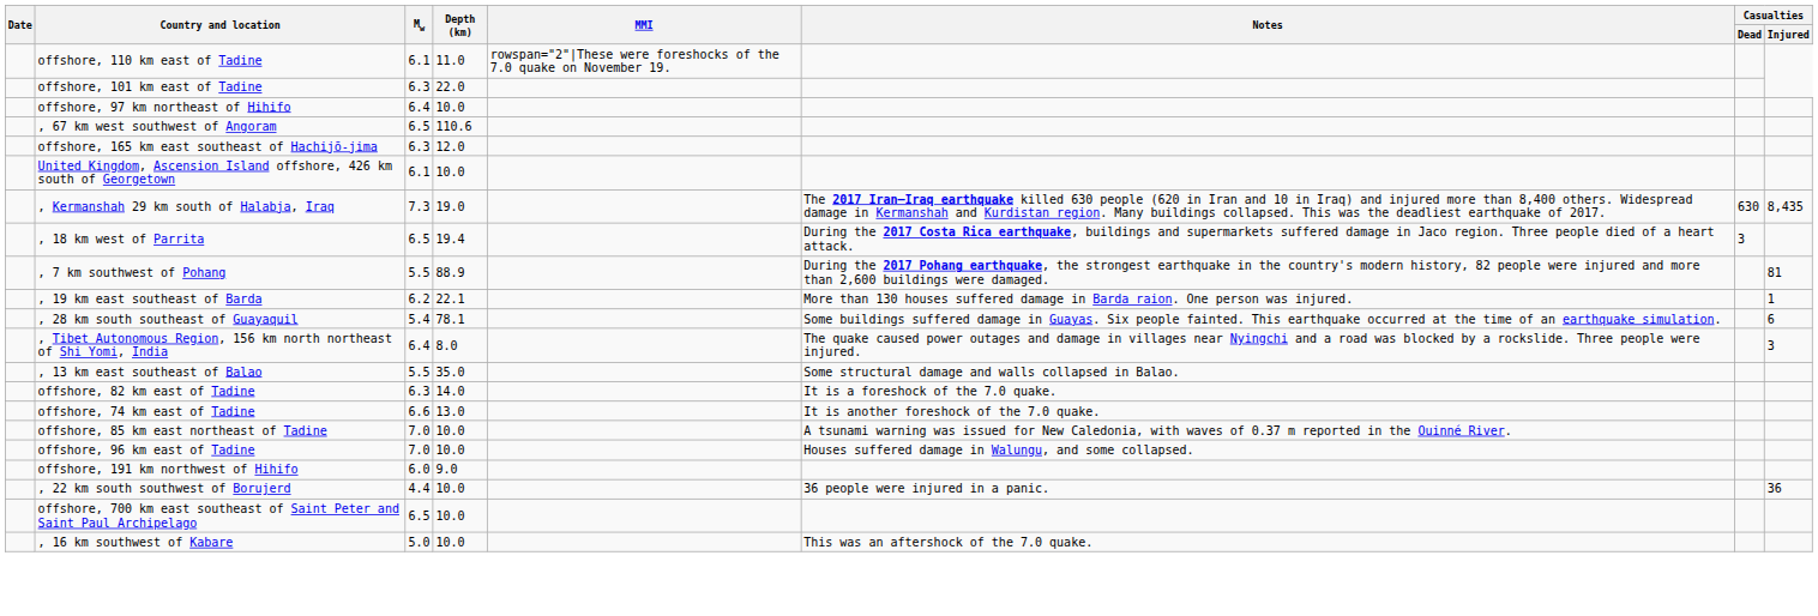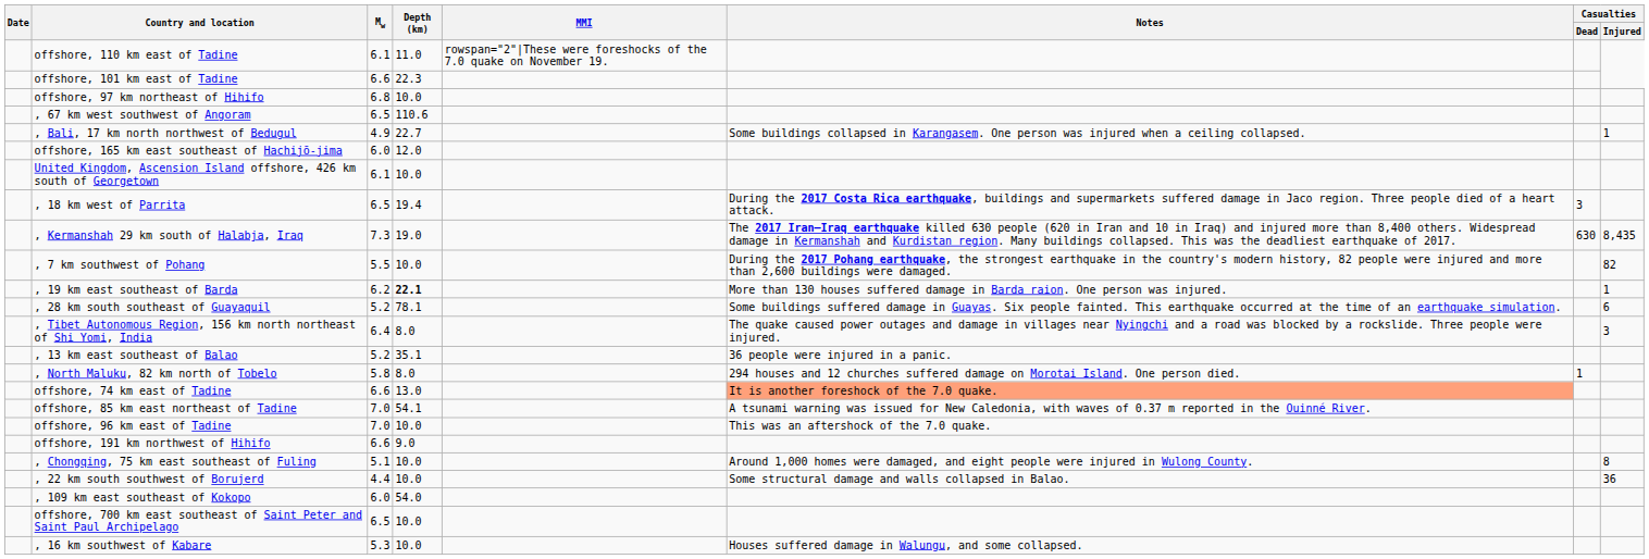 <table class="wikitable sortable sort-under" style="border:1px black; margin-left:1em;">
 <tr>
 <th rowspan="2"><small>Date</small></th>
 <th rowspan="2" style="width: 395px"><small>Country and location</small></th>
 <th rowspan="2"><small>M<sub>w</sub></small></th>
 <th rowspan="2"><small>Depth (km)</small></th>
 <th rowspan="2"><small><a href='#'>MMI</a></small></th>
 <th rowspan="2" class="unsortable"><small>Notes</small></th>
 <th colspan="2"><small>Casualties</small></th>
 </tr>
 <tr>
 <th><small>Dead</small></th>
 <th><small>Injured</small></th>
 </tr>
 <tr>
 <td></td>
 <td> offshore, 110 km east of <a href='#'>Tadine</a></td>
 <td>6.1</td>
 <td>11.0</td>
 <td>rowspan="2"|These were foreshocks of the 7.0 quake on November 19.</td>
 <td></td>
 <td></td>
 </tr>
 <tr>
 <td></td>
 <td> offshore, 101 km east of <a href='#'>Tadine</a></td>
-<td>6.3</td>
-<td>22.0</td>
+<td>6.6</td>
+<td>22.3</td>
 <td></td>
 <td></td>
 <td></td>
 </tr>
 <tr>
 <td></td>
 <td> offshore, 97 km northeast of <a href='#'>Hihifo</a></td>
-<td>6.4</td>
+<td>6.8</td>
 <td>10.0</td>
 <td></td>
 <td></td>
 <td></td>
 <td></td>
 </tr>
 <tr>
 <td></td>
 <td>, 67 km west southwest of <a href='#'>Angoram</a></td>
 <td>6.5</td>
 <td>110.6</td>
 <td></td>
 <td></td>
 <td></td>
 <td></td>
 </tr>
 <tr>
 <td></td>
+<td>, <a href='#'>Bali</a>, 17 km north northwest of <a href='#'>Bedugul</a></td>
+<td>4.9</td>
+<td>22.7</td>
+<td></td>
+<td>Some buildings collapsed in <a href='#'>Karangasem</a>. One person was injured when a ceiling collapsed.</td>
+<td></td>
+<td>1</td>
+</tr>
+<tr>
+<td></td>
 <td> offshore, 165 km east southeast of <a href='#'>Hachijō-jima</a></td>
-<td>6.3</td>
+<td>6.0</td>
 <td>12.0</td>
 <td></td>
 <td></td>
 <td></td>
 <td></td>
 </tr>
 <tr>
 <td></td>
 <td> <a href='#'>United Kingdom</a>, <a href='#'>Ascension Island</a> offshore, 426 km south of <a href='#'>Georgetown</a></td>
 <td>6.1</td>
 <td>10.0</td>
 <td></td>
 <td></td>
 <td></td>
 <td></td>
 </tr>
 <tr>
 <td></td>
+<td>, 18 km west of <a href='#'>Parrita</a></td>
+<td>6.5</td>
+<td>19.4</td>
+<td></td>
+<td>During the <strong><a href='#'>2017 Costa Rica earthquake</a></strong>, buildings and supermarkets suffered damage in Jaco region. Three people died of a heart attack.</td>
+<td>3</td>
+<td></td>
+</tr>
+<tr>
+<td></td>
 <td>, <a href='#'>Kermanshah</a> 29 km south of <a href='#'>Halabja</a>, <a href='#'>Iraq</a></td>
 <td>7.3</td>
 <td>19.0</td>
 <td></td>
 <td>The <strong><a href='#'>2017 Iran–Iraq earthquake</a></strong> killed 630 people (620 in Iran and 10 in Iraq) and injured more than 8,400 others. Widespread damage in <a href='#'>Kermanshah</a> and <a href='#'>Kurdistan region</a>. Many buildings collapsed. This was the deadliest earthquake of 2017.</td>
 <td>630</td>
 <td>8,435</td>
 </tr>
 <tr>
 <td></td>
-<td>, 18 km west of <a href='#'>Parrita</a></td>
-<td>6.5</td>
-<td>19.4</td>
-<td></td>
-<td>During the <strong><a href='#'>2017 Costa Rica earthquake</a></strong>, buildings and supermarkets suffered damage in Jaco region. Three people died of a heart attack.</td>
-<td>3</td>
-<td></td>
-</tr>
-<tr>
-<td></td>
 <td>, 7 km southwest of <a href='#'>Pohang</a></td>
 <td>5.5</td>
-<td>88.9</td>
+<td>10.0</td>
 <td></td>
 <td>During the <strong><a href='#'>2017 Pohang earthquake</a></strong>, the strongest earthquake in the country's modern history, 82 people were injured and more than 2,600 buildings were damaged.</td>
 <td></td>
-<td>81</td>
+<td>82</td>
 </tr>
 <tr>
 <td></td>
 <td>, 19 km east southeast of <a href='#'>Barda</a></td>
 <td>6.2</td>
-<td>22.1</td>
+<td><strong>22.1</strong></td>
 <td></td>
 <td>More than 130 houses suffered damage in <a href='#'>Barda raion</a>. One person was injured.</td>
 <td></td>
 <td>1</td>
 </tr>
 <tr>
 <td></td>
 <td>, 28 km south southeast of <a href='#'>Guayaquil</a></td>
-<td>5.4</td>
+<td>5.2</td>
 <td>78.1</td>
 <td></td>
 <td>Some buildings suffered damage in <a href='#'>Guayas</a>. Six people fainted. This earthquake occurred at the time of an <a href='#'>earthquake simulation</a>.</td>
 <td></td>
 <td>6</td>
 </tr>
 <tr>
 <td></td>
 <td>, <a href='#'>Tibet Autonomous Region</a>, 156 km north northeast of <a href='#'>Shi Yomi</a>, <a href='#'>India</a></td>
 <td>6.4</td>
 <td>8.0</td>
 <td></td>
 <td>The quake caused power outages and damage in villages near <a href='#'>Nyingchi</a> and a road was blocked by a rockslide. Three people were injured.</td>
 <td></td>
 <td>3</td>
 </tr>
 <tr>
 <td></td>
 <td>, 13 km east southeast of <a href='#'>Balao</a></td>
-<td>5.5</td>
-<td>35.0</td>
+<td>5.2</td>
+<td>35.1</td>
 <td></td>
-<td>Some structural damage and walls collapsed in Balao.</td>
+<td>36 people were injured in a panic.</td>
 <td></td>
 <td></td>
 </tr>
 <tr>
 <td></td>
-<td> offshore, 82 km east of <a href='#'>Tadine</a></td>
-<td>6.3</td>
-<td>14.0</td>
+<td>, <a href='#'>North Maluku</a>, 82 km north of <a href='#'>Tobelo</a></td>
+<td>5.8</td>
+<td>8.0</td>
 <td></td>
-<td>It is a foreshock of the 7.0 quake.</td>
-<td></td>
+<td>294 houses and 12 churches suffered damage on <a href='#'>Morotai Island</a>. One person died.</td>
+<td>1</td>
 <td></td>
 </tr>
 <tr>
 <td></td>
 <td> offshore, 74 km east of <a href='#'>Tadine</a></td>
 <td>6.6</td>
 <td>13.0</td>
 <td></td>
-<td>It is another foreshock of the 7.0 quake.</td>
+<td style="background: lightsalmon;">It is another foreshock of the 7.0 quake.</td>
 <td></td>
 <td></td>
 </tr>
 <tr>
 <td></td>
 <td> offshore, 85 km east northeast of <a href='#'>Tadine</a></td>
 <td>7.0</td>
-<td>10.0</td>
+<td>54.1</td>
 <td></td>
 <td>A tsunami warning was issued for New Caledonia, with waves of 0.37 m reported in the <a href='#'>Ouinné River</a>.</td>
 <td></td>
 <td></td>
 </tr>
 <tr>
 <td></td>
 <td> offshore, 96 km east of <a href='#'>Tadine</a></td>
 <td>7.0</td>
 <td>10.0</td>
 <td></td>
-<td>Houses suffered damage in <a href='#'>Walungu</a>, and some collapsed.</td>
+<td>This was an aftershock of the 7.0 quake.</td>
 <td></td>
 <td></td>
 </tr>
 <tr>
 <td></td>
 <td> offshore, 191 km northwest of <a href='#'>Hihifo</a></td>
-<td>6.0</td>
+<td>6.6</td>
 <td>9.0</td>
 <td></td>
 <td></td>
 <td></td>
 <td></td>
 </tr>
 <tr>
 <td></td>
+<td>, <a href='#'>Chongqing</a>, 75 km east southeast of <a href='#'>Fuling</a></td>
+<td>5.1</td>
+<td>10.0</td>
+<td></td>
+<td>Around 1,000 homes were damaged, and eight people were injured in <a href='#'>Wulong County</a>.</td>
+<td></td>
+<td>8</td>
+</tr>
+<tr>
+<td></td>
 <td>, 22 km south southwest of <a href='#'>Borujerd</a></td>
 <td>4.4</td>
 <td>10.0</td>
 <td></td>
-<td>36 people were injured in a panic.</td>
+<td>Some structural damage and walls collapsed in Balao.</td>
 <td></td>
 <td>36</td>
+</tr>
+<tr>
+<td></td>
+<td>, 109 km east southeast of <a href='#'>Kokopo</a></td>
+<td>6.0</td>
+<td>54.0</td>
+<td></td>
+<td></td>
+<td></td>
+<td></td>
 </tr>
 <tr>
 <td></td>
 <td> offshore, 700 km east southeast of <a href='#'>Saint Peter and Saint Paul Archipelago</a></td>
 <td>6.5</td>
 <td>10.0</td>
 <td></td>
 <td></td>
 <td></td>
 <td></td>
 </tr>
 <tr>
 <td></td>
 <td>, 16 km southwest of <a href='#'>Kabare</a></td>
-<td>5.0</td>
+<td>5.3</td>
 <td>10.0</td>
 <td></td>
-<td>This was an aftershock of the 7.0 quake.</td>
+<td>Houses suffered damage in <a href='#'>Walungu</a>, and some collapsed.</td>
 <td></td>
 <td></td>
 </tr>
 </table>
